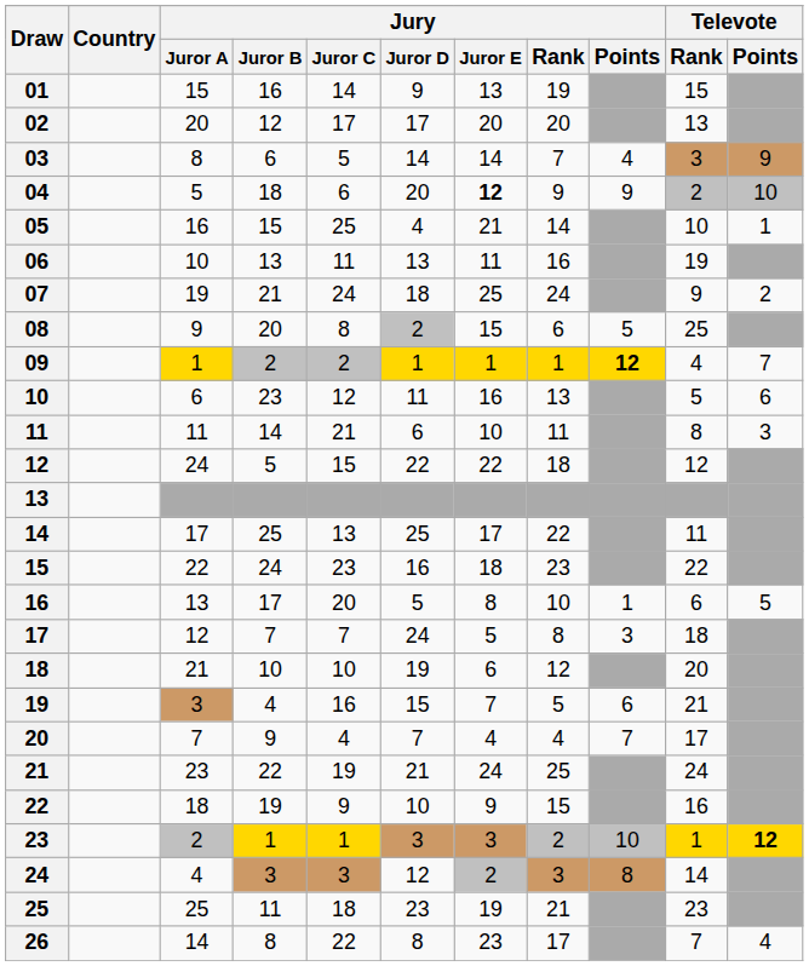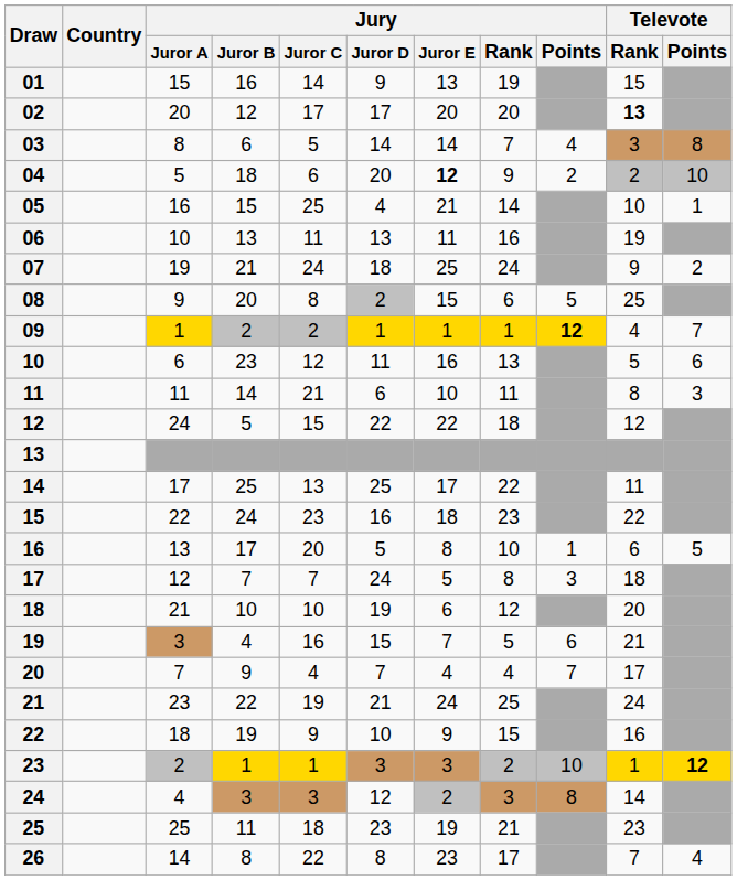 <table class="sortable wikitable collapsible plainrowheaders" style="text-align:center;">
 <tr>
 </tr>
 <tr>
 <th scope="col" rowspan="2">Draw</th>
 <th scope="col" rowspan="2">Country</th>
 <th scope="col" colspan="7">Jury</th>
 <th scope="col" colspan="2">Televote</th>
 </tr>
 <tr>
 <th scope="col"><small>Juror A</small></th>
 <th scope="col"><small>Juror B</small></th>
 <th scope="col"><small>Juror C</small></th>
 <th scope="col"><small>Juror D</small></th>
 <th scope="col"><small>Juror E</small></th>
 <th scope="col">Rank</th>
 <th scope="col" class="unsortable">Points</th>
 <th scope="col">Rank</th>
 <th scope="col" class="unsortable">Points</th>
 </tr>
 <tr>
 <th scope="row" style="text-align:center;">01</th>
 <td style="text-align:left;"></td>
 <td>15</td>
 <td>16</td>
 <td>14</td>
 <td>9</td>
 <td>13</td>
 <td>19</td>
 <td style="background:#AAAAAA;"></td>
 <td>15</td>
 <td style="background:#AAAAAA;"></td>
 </tr>
 <tr>
 <th scope="row" style="text-align:center;">02</th>
 <td style="text-align:left;"></td>
 <td>20</td>
 <td>12</td>
 <td>17</td>
 <td>17</td>
 <td>20</td>
 <td>20</td>
 <td style="background:#AAAAAA;"></td>
-<td>13</td>
+<td><strong>13</strong></td>
 <td style="background:#AAAAAA;"></td>
 </tr>
 <tr>
 <th scope="row" style="text-align:center;">03</th>
 <td style="text-align:left;"></td>
 <td>8</td>
 <td>6</td>
 <td>5</td>
 <td>14</td>
 <td>14</td>
 <td>7</td>
 <td>4</td>
 <td style="background:#CC9966;">3</td>
-<td style="background:#CC9966;">9</td>
+<td style="background:#CC9966;">8</td>
 </tr>
 <tr>
 <th scope="row" style="text-align:center;">04</th>
 <td style="text-align:left;"></td>
 <td>5</td>
 <td>18</td>
 <td>6</td>
 <td>20</td>
 <td><strong>12</strong></td>
 <td>9</td>
-<td>9</td>
+<td>2</td>
 <td style="background:silver;">2</td>
 <td style="background:silver;">10</td>
 </tr>
 <tr>
 <th scope="row" style="text-align:center;">05</th>
 <td style="text-align:left;"></td>
 <td>16</td>
 <td>15</td>
 <td>25</td>
 <td>4</td>
 <td>21</td>
 <td>14</td>
 <td style="background:#AAAAAA;"></td>
 <td>10</td>
 <td>1</td>
 </tr>
 <tr>
 <th scope="row" style="text-align:center;">06</th>
 <td style="text-align:left;"></td>
 <td>10</td>
 <td>13</td>
 <td>11</td>
 <td>13</td>
 <td>11</td>
 <td>16</td>
 <td style="background:#AAAAAA;"></td>
 <td>19</td>
 <td style="background:#AAAAAA;"></td>
 </tr>
 <tr>
 <th scope="row" style="text-align:center;">07</th>
 <td style="text-align:left;"></td>
 <td>19</td>
 <td>21</td>
 <td>24</td>
 <td>18</td>
 <td>25</td>
 <td>24</td>
 <td style="background:#AAAAAA;"></td>
 <td>9</td>
 <td>2</td>
 </tr>
 <tr>
 <th scope="row" style="text-align:center;">08</th>
 <td style="text-align:left;"></td>
 <td>9</td>
 <td>20</td>
 <td>8</td>
 <td style="background:silver;">2</td>
 <td>15</td>
 <td>6</td>
 <td>5</td>
 <td>25</td>
 <td style="background:#AAAAAA;"></td>
 </tr>
 <tr>
 <th scope="row" style="text-align:center;">09</th>
 <td style="text-align:left;"></td>
 <td style="background:gold;">1</td>
 <td style="background:silver;">2</td>
 <td style="background:silver;">2</td>
 <td style="background:gold;">1</td>
 <td style="background:gold;">1</td>
 <td style="background:gold;">1</td>
 <td style="background:gold;"><strong>12</strong></td>
 <td>4</td>
 <td>7</td>
 </tr>
 <tr>
 <th scope="row" style="text-align:center;">10</th>
 <td style="text-align:left;"></td>
 <td>6</td>
 <td>23</td>
 <td>12</td>
 <td>11</td>
 <td>16</td>
 <td>13</td>
 <td style="background:#AAAAAA;"></td>
 <td>5</td>
 <td>6</td>
 </tr>
 <tr>
 <th scope="row" style="text-align:center;">11</th>
 <td style="text-align:left;"></td>
 <td>11</td>
 <td>14</td>
 <td>21</td>
 <td>6</td>
 <td>10</td>
 <td>11</td>
 <td style="background:#AAAAAA;"></td>
 <td>8</td>
 <td>3</td>
 </tr>
 <tr>
 <th scope="row" style="text-align:center;">12</th>
 <td style="text-align:left;"></td>
 <td>24</td>
 <td>5</td>
 <td>15</td>
 <td>22</td>
 <td>22</td>
 <td>18</td>
 <td style="background:#AAAAAA;"></td>
 <td>12</td>
 <td style="background:#AAAAAA;"></td>
 </tr>
 <tr class=sortbottom>
 <th scope="row" style="text-align:center;">13</th>
 <td style="text-align:left;"></td>
 <td style="background:#AAAAAA;"></td>
 <td style="background:#AAAAAA;"></td>
 <td style="background:#AAAAAA;"></td>
 <td style="background:#AAAAAA;"></td>
 <td style="background:#AAAAAA;"></td>
 <td style="background:#AAAAAA;"></td>
 <td style="background:#AAAAAA;"></td>
 <td style="background:#AAAAAA;"></td>
 <td style="background:#AAAAAA;"></td>
 </tr>
 <tr>
 <th scope="row" style="text-align:center;">14</th>
 <td style="text-align:left;"></td>
 <td>17</td>
 <td>25</td>
 <td>13</td>
 <td>25</td>
 <td>17</td>
 <td>22</td>
 <td style="background:#AAAAAA;"></td>
 <td>11</td>
 <td style="background:#AAAAAA;"></td>
 </tr>
 <tr>
 <th scope="row" style="text-align:center;">15</th>
 <td style="text-align:left;"></td>
 <td>22</td>
 <td>24</td>
 <td>23</td>
 <td>16</td>
 <td>18</td>
 <td>23</td>
 <td style="background:#AAAAAA;"></td>
 <td>22</td>
 <td style="background:#AAAAAA;"></td>
 </tr>
 <tr>
 <th scope="row" style="text-align:center;">16</th>
 <td style="text-align:left;"></td>
 <td>13</td>
 <td>17</td>
 <td>20</td>
 <td>5</td>
 <td>8</td>
 <td>10</td>
 <td>1</td>
 <td>6</td>
 <td>5</td>
 </tr>
 <tr>
 <th scope="row" style="text-align:center;">17</th>
 <td style="text-align:left;"></td>
 <td>12</td>
 <td>7</td>
 <td>7</td>
 <td>24</td>
 <td>5</td>
 <td>8</td>
 <td>3</td>
 <td>18</td>
 <td style="background:#AAAAAA;"></td>
 </tr>
 <tr>
 <th scope="row" style="text-align:center;">18</th>
 <td style="text-align:left;"></td>
 <td>21</td>
 <td>10</td>
 <td>10</td>
 <td>19</td>
 <td>6</td>
 <td>12</td>
 <td style="background:#AAAAAA;"></td>
 <td>20</td>
 <td style="background:#AAAAAA;"></td>
 </tr>
 <tr>
 <th scope="row" style="text-align:center;">19</th>
 <td style="text-align:left;"></td>
 <td style="background:#CC9966;">3</td>
 <td>4</td>
 <td>16</td>
 <td>15</td>
 <td>7</td>
 <td>5</td>
 <td>6</td>
 <td>21</td>
 <td style="background:#AAAAAA;"></td>
 </tr>
 <tr>
 <th scope="row" style="text-align:center;">20</th>
 <td style="text-align:left;"></td>
 <td>7</td>
 <td>9</td>
 <td>4</td>
 <td>7</td>
 <td>4</td>
 <td>4</td>
 <td>7</td>
 <td>17</td>
 <td style="background:#AAAAAA;"></td>
 </tr>
 <tr>
 <th scope="row" style="text-align:center;">21</th>
 <td style="text-align:left;"></td>
 <td>23</td>
 <td>22</td>
 <td>19</td>
 <td>21</td>
 <td>24</td>
 <td>25</td>
 <td style="background:#AAAAAA;"></td>
 <td>24</td>
 <td style="background:#AAAAAA;"></td>
 </tr>
 <tr>
 <th scope="row" style="text-align:center;">22</th>
 <td style="text-align:left;"></td>
 <td>18</td>
 <td>19</td>
 <td>9</td>
 <td>10</td>
 <td>9</td>
 <td>15</td>
 <td style="background:#AAAAAA;"></td>
 <td>16</td>
 <td style="background:#AAAAAA;"></td>
 </tr>
 <tr>
 <th scope="row" style="text-align:center;">23</th>
 <td style="text-align:left;"></td>
 <td style="background:silver;">2</td>
 <td style="background:gold;">1</td>
 <td style="background:gold;">1</td>
 <td style="background:#CC9966;">3</td>
 <td style="background:#CC9966;">3</td>
 <td style="background:silver;">2</td>
 <td style="background:silver;">10</td>
 <td style="background:gold;">1</td>
 <td style="background:gold;"><strong>12</strong></td>
 </tr>
 <tr>
 <th scope="row" style="text-align:center;">24</th>
 <td style="text-align:left;"></td>
 <td>4</td>
 <td style="background:#CC9966;">3</td>
 <td style="background:#CC9966;">3</td>
 <td>12</td>
 <td style="background:silver;">2</td>
 <td style="background:#CC9966;">3</td>
 <td style="background:#CC9966;">8</td>
 <td>14</td>
 <td style="background:#AAAAAA;"></td>
 </tr>
 <tr>
 <th scope="row" style="text-align:center;">25</th>
 <td style="text-align:left;"></td>
 <td>25</td>
 <td>11</td>
 <td>18</td>
 <td>23</td>
 <td>19</td>
 <td>21</td>
 <td style="background:#AAAAAA;"></td>
 <td>23</td>
 <td style="background:#AAAAAA;"></td>
 </tr>
 <tr>
 <th scope="row" style="text-align:center;">26</th>
 <td style="text-align:left;"></td>
 <td>14</td>
 <td>8</td>
 <td>22</td>
 <td>8</td>
 <td>23</td>
 <td>17</td>
 <td style="background:#AAAAAA;"></td>
 <td>7</td>
 <td>4</td>
 </tr>
 </table>
